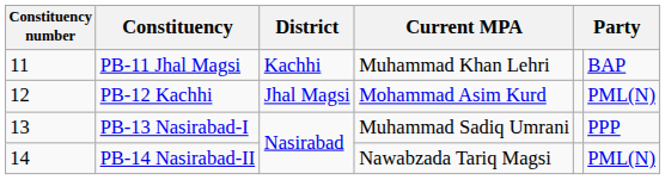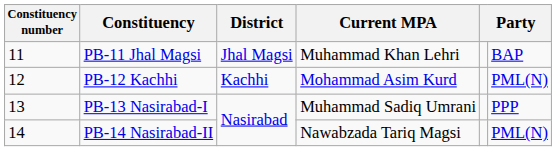 <table class="wikitable">
 <tr>
 <th width="50px" style="font-size:75%">Constituency number</th>
 <th>Constituency</th>
 <th>District</th>
 <th>Current MPA</th>
 <th colspan="2">Party</th>
 </tr>
 <tr>
 <td>11</td>
 <td><a href='#'>PB-11 Jhal Magsi</a></td>
-<td><a href='#'>Kachhi</a></td>
+<td><a href='#'>Jhal Magsi</a></td>
 <td>Muhammad Khan Lehri</td>
 <td></td>
 <td><a href='#'>BAP</a></td>
 </tr>
 <tr>
 <td>12</td>
 <td><a href='#'>PB-12 Kachhi</a></td>
-<td><a href='#'>Jhal Magsi</a></td>
+<td><a href='#'>Kachhi</a></td>
 <td><a href='#'>Mohammad Asim Kurd</a></td>
 <td></td>
 <td><a href='#'>PML(N)</a></td>
 </tr>
 <tr>
 <td>13</td>
 <td><a href='#'>PB-13 Nasirabad-I</a></td>
 <td rowspan="2"><a href='#'>Nasirabad</a></td>
 <td>Muhammad Sadiq Umrani</td>
 <td></td>
 <td><a href='#'>PPP</a></td>
 </tr>
 <tr>
 <td>14</td>
 <td><a href='#'>PB-14 Nasirabad-II</a></td>
 <td>Nawabzada Tariq Magsi</td>
 <td></td>
 <td><a href='#'>PML(N)</a></td>
 </tr>
 </table>
